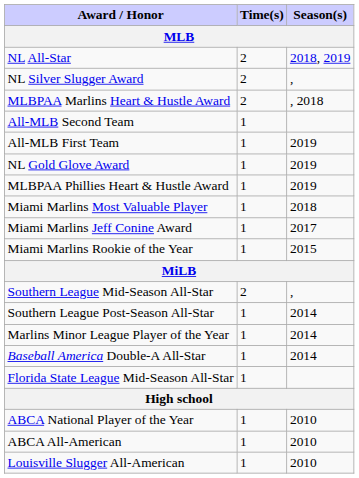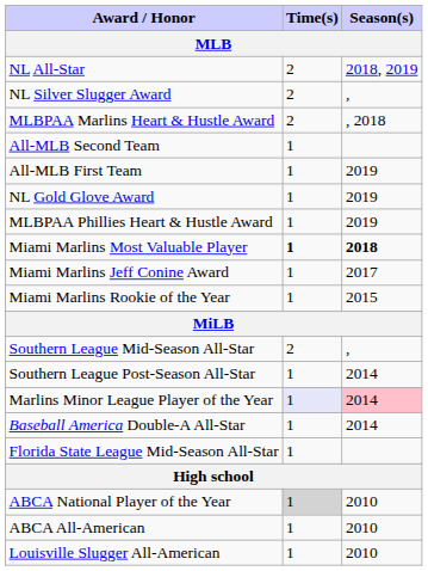 <table class="wikitable sortable" style="center;">
 <tr>
 <th style="background:#ccf;">Award / Honor</th>
 <th style="background:#ccf;">Time(s)</th>
 <th style="background:#ccf;">Season(s)</th>
 </tr>
 <tr>
 <th colspan="3"><strong><a href='#'>MLB</a></strong></th>
 </tr>
 <tr>
 <td><a href='#'>NL</a> <a href='#'>All-Star</a></td>
 <td>2</td>
 <td><a href='#'>2018</a>, <a href='#'>2019</a></td>
 </tr>
 <tr>
 <td>NL <a href='#'>Silver Slugger Award</a></td>
 <td>2</td>
 <td>, </td>
 </tr>
 <tr>
 <td><a href='#'>MLBPAA</a> Marlins <a href='#'>Heart & Hustle Award</a></td>
 <td>2</td>
 <td>, 2018</td>
 </tr>
 <tr>
 <td><a href='#'>All-MLB</a> Second Team</td>
 <td>1</td>
 <td></td>
 </tr>
 <tr>
 <td>All-MLB First Team</td>
 <td>1</td>
 <td>2019</td>
 </tr>
 <tr>
 <td>NL <a href='#'>Gold Glove Award</a></td>
 <td>1</td>
 <td>2019</td>
 </tr>
 <tr>
 <td>MLBPAA Phillies Heart & Hustle Award</td>
 <td>1</td>
 <td>2019</td>
 </tr>
 <tr>
 <td>Miami Marlins <a href='#'>Most Valuable Player</a></td>
-<td>1</td>
-<td>2018</td>
+<td><strong>1</strong></td>
+<td><strong>2018</strong></td>
 </tr>
 <tr>
 <td>Miami Marlins <a href='#'>Jeff Conine</a> Award</td>
 <td>1</td>
 <td>2017</td>
 </tr>
 <tr>
 <td>Miami Marlins Rookie of the Year</td>
 <td>1</td>
 <td>2015</td>
 </tr>
 <tr>
 <th colspan="3"><strong><a href='#'>MiLB</a></strong></th>
 </tr>
 <tr>
 <td><a href='#'>Southern League</a> Mid-Season All-Star</td>
 <td>2</td>
 <td>, </td>
 </tr>
 <tr>
 <td>Southern League Post-Season All-Star</td>
 <td>1</td>
 <td>2014</td>
 </tr>
 <tr>
 <td>Marlins Minor League Player of the Year</td>
-<td>1</td>
-<td>2014</td>
+<td style="background: lavender;">1</td>
+<td style="background: pink;">2014</td>
 </tr>
 <tr>
 <td><em><a href='#'>Baseball America</a></em> Double-A All-Star</td>
 <td>1</td>
 <td>2014</td>
 </tr>
 <tr>
 <td><a href='#'>Florida State League</a> Mid-Season All-Star</td>
 <td>1</td>
 <td></td>
 </tr>
 <tr>
 <th colspan="3"><strong>High school</strong></th>
 </tr>
 <tr>
 <td><a href='#'>ABCA</a> National Player of the Year</td>
-<td>1</td>
+<td style="background: lightgrey;">1</td>
 <td>2010</td>
 </tr>
 <tr>
 <td>ABCA All-American</td>
 <td>1</td>
 <td>2010</td>
 </tr>
 <tr>
 <td><a href='#'>Louisville Slugger</a> All-American</td>
 <td>1</td>
 <td>2010</td>
 </tr>
 </table>
